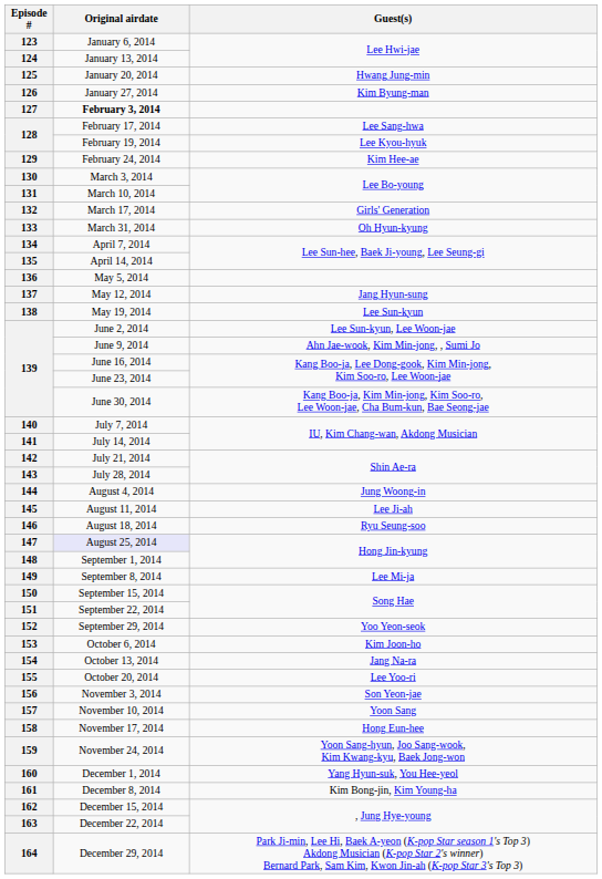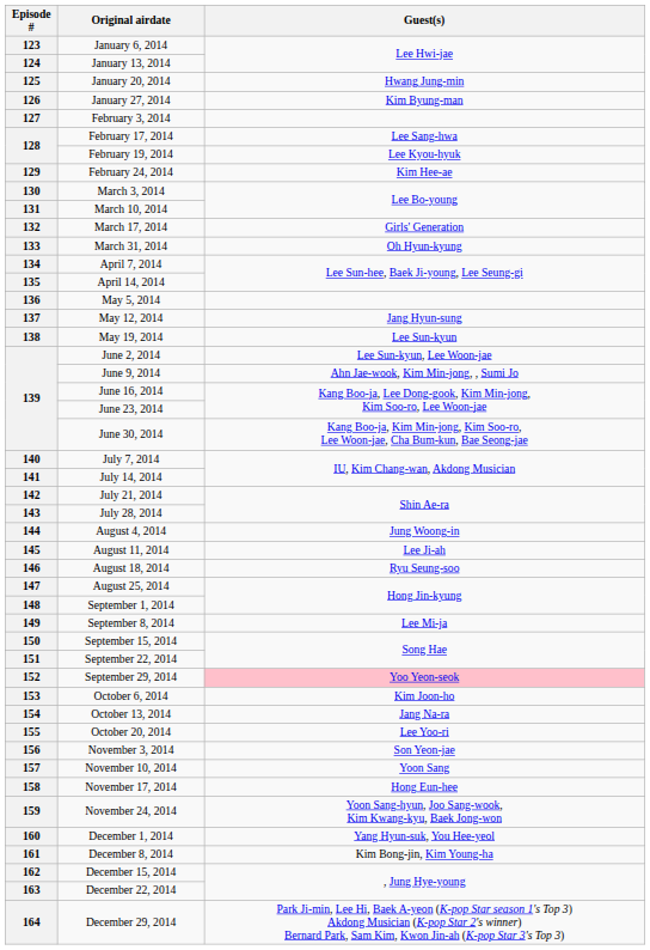 <table class="wikitable" style="font-size:100%; text-align:center; width:45%;">
 <tr>
 <th width="1%">Episode #</th>
 <th width="10%">Original airdate</th>
 <th width="30%">Guest(s)</th>
 </tr>
 <tr>
 <th>123</th>
 <td>January 6, 2014</td>
 <td rowspan="2"><a href='#'>Lee Hwi-jae</a></td>
 </tr>
 <tr>
 <th>124</th>
 <td>January 13, 2014</td>
 </tr>
 <tr>
 <th>125</th>
 <td>January 20, 2014</td>
 <td><a href='#'>Hwang Jung-min</a></td>
 </tr>
 <tr>
 <th>126</th>
 <td>January 27, 2014</td>
 <td><a href='#'>Kim Byung-man</a></td>
 </tr>
 <tr>
 <th>127</th>
-<td><strong>February 3, 2014</strong></td>
+<td>February 3, 2014</td>
 <td></td>
 </tr>
 <tr>
 <th rowspan="2">128</th>
 <td>February 17, 2014</td>
 <td><a href='#'>Lee Sang-hwa</a></td>
 </tr>
 <tr>
 <td>February 19, 2014</td>
 <td><a href='#'>Lee Kyou-hyuk</a></td>
 </tr>
 <tr>
 <th>129</th>
 <td>February 24, 2014</td>
 <td rowspan="2"><a href='#'>Kim Hee-ae</a></td>
 </tr>
 <tr>
 <th rowspan="2">130</th>
 <td rowspan="2">March 3, 2014</td>
 </tr>
 <tr>
 <td rowspan="2"><a href='#'>Lee Bo-young</a></td>
 </tr>
 <tr>
 <th>131</th>
 <td>March 10, 2014</td>
 </tr>
 <tr>
 <th>132</th>
 <td>March 17, 2014</td>
 <td><a href='#'>Girls' Generation</a></td>
 </tr>
 <tr>
 <th>133</th>
 <td>March 31, 2014</td>
 <td><a href='#'>Oh Hyun-kyung</a></td>
 </tr>
 <tr>
 <th>134</th>
 <td>April 7, 2014</td>
 <td rowspan="2"><a href='#'>Lee Sun-hee</a>, <a href='#'>Baek Ji-young</a>, <a href='#'>Lee Seung-gi</a></td>
 </tr>
 <tr>
 <th>135</th>
 <td>April 14, 2014</td>
 </tr>
 <tr>
 <th>136</th>
 <td>May 5, 2014</td>
 <td></td>
 </tr>
 <tr>
 <th>137</th>
 <td>May 12, 2014</td>
 <td><a href='#'>Jang Hyun-sung</a></td>
 </tr>
 <tr>
 <th>138</th>
 <td>May 19, 2014</td>
 <td><a href='#'>Lee Sun-kyun</a></td>
 </tr>
 <tr>
 <th rowspan=5>139</th>
 <td>June 2, 2014</td>
 <td><a href='#'>Lee Sun-kyun</a>, <a href='#'>Lee Woon-jae</a></td>
 </tr>
 <tr>
 <td>June 9, 2014</td>
 <td><a href='#'>Ahn Jae-wook</a>, <a href='#'>Kim Min-jong</a>, , <a href='#'>Sumi Jo</a></td>
 </tr>
 <tr>
 <td>June 16, 2014</td>
 <td rowspan="2"><a href='#'>Kang Boo-ja</a>, <a href='#'>Lee Dong-gook</a>, <a href='#'>Kim Min-jong</a>,<br><a href='#'>Kim Soo-ro</a>, <a href='#'>Lee Woon-jae</a></td>
 </tr>
 <tr>
 <td>June 23, 2014</td>
 </tr>
 <tr>
 <td>June 30, 2014</td>
 <td><a href='#'>Kang Boo-ja</a>, <a href='#'>Kim Min-jong</a>, <a href='#'>Kim Soo-ro</a>,<br><a href='#'>Lee Woon-jae</a>, <a href='#'>Cha Bum-kun</a>, <a href='#'>Bae Seong-jae</a></td>
 </tr>
 <tr>
 <th>140</th>
 <td>July 7, 2014</td>
 <td rowspan="2"><a href='#'>IU</a>, <a href='#'>Kim Chang-wan</a>, <a href='#'>Akdong Musician</a></td>
 </tr>
 <tr>
 <th>141</th>
 <td>July 14, 2014</td>
 </tr>
 <tr>
 <th>142</th>
 <td>July 21, 2014</td>
 <td rowspan="2"><a href='#'>Shin Ae-ra</a></td>
 </tr>
 <tr>
 <th>143</th>
 <td>July 28, 2014</td>
 </tr>
 <tr>
 <th>144</th>
 <td>August 4, 2014</td>
 <td><a href='#'>Jung Woong-in</a></td>
 </tr>
 <tr>
 <th>145</th>
 <td>August 11, 2014</td>
 <td><a href='#'>Lee Ji-ah</a></td>
 </tr>
 <tr>
 <th>146</th>
 <td>August 18, 2014</td>
 <td><a href='#'>Ryu Seung-soo</a></td>
 </tr>
 <tr>
 <th>147</th>
-<td style="background: lavender;">August 25, 2014</td>
+<td>August 25, 2014</td>
 <td rowspan=2><a href='#'>Hong Jin-kyung</a></td>
 </tr>
 <tr>
 <th>148</th>
 <td>September 1, 2014</td>
 </tr>
 <tr>
 <th>149</th>
 <td>September 8, 2014</td>
 <td><a href='#'>Lee Mi-ja</a></td>
 </tr>
 <tr>
 <th>150</th>
 <td>September 15, 2014</td>
 <td rowspan=2><a href='#'>Song Hae</a></td>
 </tr>
 <tr>
 <th>151</th>
 <td>September 22, 2014</td>
 </tr>
 <tr>
 <th>152</th>
 <td>September 29, 2014</td>
-<td><a href='#'>Yoo Yeon-seok</a></td>
+<td style="background: pink;"><a href='#'>Yoo Yeon-seok</a></td>
 </tr>
 <tr>
 <th>153</th>
 <td>October 6, 2014</td>
 <td><a href='#'>Kim Joon-ho</a></td>
 </tr>
 <tr>
 <th>154</th>
 <td>October 13, 2014</td>
 <td><a href='#'>Jang Na-ra</a></td>
 </tr>
 <tr>
 <th>155</th>
 <td>October 20, 2014</td>
 <td><a href='#'>Lee Yoo-ri</a></td>
 </tr>
 <tr>
 <th>156</th>
 <td>November 3, 2014</td>
 <td><a href='#'>Son Yeon-jae</a></td>
 </tr>
 <tr>
 <th>157</th>
 <td>November 10, 2014</td>
 <td><a href='#'>Yoon Sang</a></td>
 </tr>
 <tr>
 <th>158</th>
 <td>November 17, 2014</td>
 <td><a href='#'>Hong Eun-hee</a></td>
 </tr>
 <tr>
 <th>159</th>
 <td>November 24, 2014</td>
 <td><a href='#'>Yoon Sang-hyun</a>, <a href='#'>Joo Sang-wook</a>,<br><a href='#'>Kim Kwang-kyu</a>, <a href='#'>Baek Jong-won</a></td>
 </tr>
 <tr>
 <th>160</th>
 <td>December 1, 2014</td>
 <td><a href='#'>Yang Hyun-suk</a>, <a href='#'>You Hee-yeol</a></td>
 </tr>
 <tr>
 <th>161</th>
 <td>December 8, 2014</td>
 <td>Kim Bong-jin, <a href='#'>Kim Young-ha</a></td>
 </tr>
 <tr>
 <th>162</th>
 <td>December 15, 2014</td>
 <td rowspan=2>, <a href='#'>Jung Hye-young</a></td>
 </tr>
 <tr>
 <th>163</th>
 <td>December 22, 2014</td>
 </tr>
 <tr>
 <th>164</th>
 <td>December 29, 2014</td>
 <td><a href='#'>Park Ji-min</a>, <a href='#'>Lee Hi</a>, <a href='#'>Baek A-yeon</a> (<em><a href='#'>K-pop Star season 1</a>'s Top 3</em>) <br> <a href='#'>Akdong Musician</a> (<em><a href='#'>K-pop Star 2</a>'s winner</em>) <br> <a href='#'>Bernard Park</a>, <a href='#'>Sam Kim</a>, <a href='#'>Kwon Jin-ah</a> (<em><a href='#'>K-pop Star 3</a>'s Top 3</em>)</td>
 </tr>
 </table>
